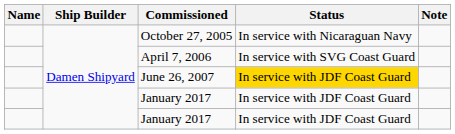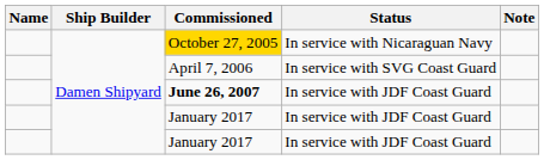 <table class="wikitable" style="text-align:left">
 <tr>
 <th>Name</th>
 <th>Ship Builder</th>
 <th>Commissioned</th>
 <th>Status</th>
 <th>Note</th>
 </tr>
 <tr>
 <td></td>
 <td rowspan="5" align="left"><a href='#'>Damen Shipyard</a></td>
-<td>October 27, 2005</td>
+<td style="background: gold;">October 27, 2005</td>
 <td>In service with Nicaraguan Navy</td>
 <td></td>
 </tr>
 <tr>
 <td></td>
 <td>April 7, 2006</td>
 <td>In service with SVG Coast Guard</td>
 <td></td>
 </tr>
 <tr>
 <td></td>
-<td>June 26, 2007</td>
-<td style="background: gold;">In service with JDF Coast Guard</td>
+<td><strong>June 26, 2007</strong></td>
+<td>In service with JDF Coast Guard</td>
 <td></td>
 </tr>
 <tr>
 <td></td>
 <td>January 2017</td>
 <td>In service with JDF Coast Guard</td>
 <td></td>
 </tr>
 <tr>
 <td></td>
 <td>January 2017</td>
 <td>In service with JDF Coast Guard</td>
 <td></td>
 </tr>
 </table>
